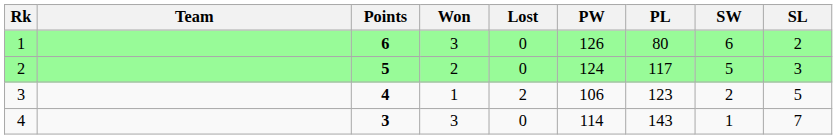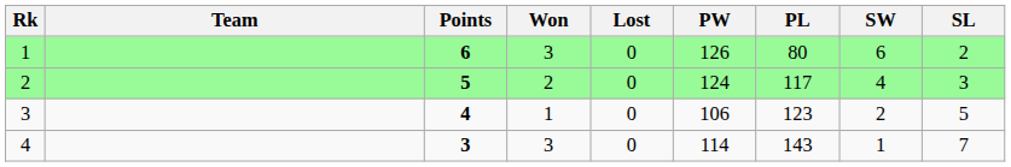 <table class=wikitable style=text-align:center>
 <tr>
 <th width=25>Rk</th>
 <th width=300>Team</th>
 <th width=60>Points</th>
 <th width=60>Won</th>
 <th width=60>Lost</th>
 <th width=60>PW</th>
 <th width=60>PL</th>
 <th width=60>SW</th>
 <th width=60>SL</th>
 </tr>
 <tr bgcolor="#98fb98">
 <td>1</td>
 <td align=left></td>
 <td><strong>6</strong></td>
 <td>3</td>
 <td>0</td>
 <td>126</td>
 <td>80</td>
 <td>6</td>
 <td>2</td>
 </tr>
 <tr bgcolor="#98fb98">
 <td>2</td>
 <td align=left></td>
 <td><strong>5</strong></td>
 <td>2</td>
 <td>0</td>
 <td>124</td>
 <td>117</td>
-<td>5</td>
+<td>4</td>
 <td>3</td>
 </tr>
 <tr>
 <td>3</td>
 <td align=left></td>
 <td><strong>4</strong></td>
 <td>1</td>
-<td>2</td>
+<td>0</td>
 <td>106</td>
 <td>123</td>
 <td>2</td>
 <td>5</td>
 </tr>
 <tr>
 <td>4</td>
 <td align=left></td>
 <td><strong>3</strong></td>
 <td>3</td>
 <td>0</td>
 <td>114</td>
 <td>143</td>
 <td>1</td>
 <td>7</td>
 </tr>
 </table>
